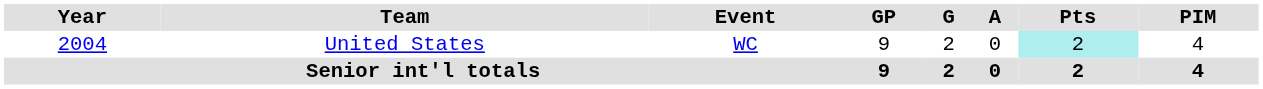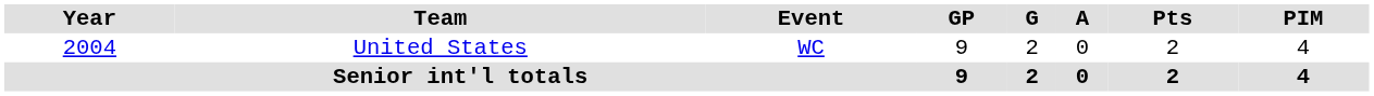 <table border="0" cellpadding="1" cellspacing="0" ID="Table3" style="text-align:center; width:40%">
 <tr ALIGN="center" bgcolor="#e0e0e0">
 <th>Year</th>
 <th>Team</th>
 <th>Event</th>
 <th>GP</th>
 <th>G</th>
 <th>A</th>
 <th>Pts</th>
 <th>PIM</th>
 </tr>
 <tr>
 <td><a href='#'>2004</a></td>
 <td><a href='#'>United States</a></td>
 <td><a href='#'>WC</a></td>
 <td>9</td>
 <td>2</td>
 <td>0</td>
-<td style="background: paleturquoise;">2</td>
+<td>2</td>
 <td>4</td>
 </tr>
 <tr ALIGN="center" bgcolor="#e0e0e0">
 <th colspan=3>Senior int'l totals</th>
 <th>9</th>
 <th>2</th>
 <th>0</th>
 <th>2</th>
 <th>4</th>
 </tr>
 </table>
